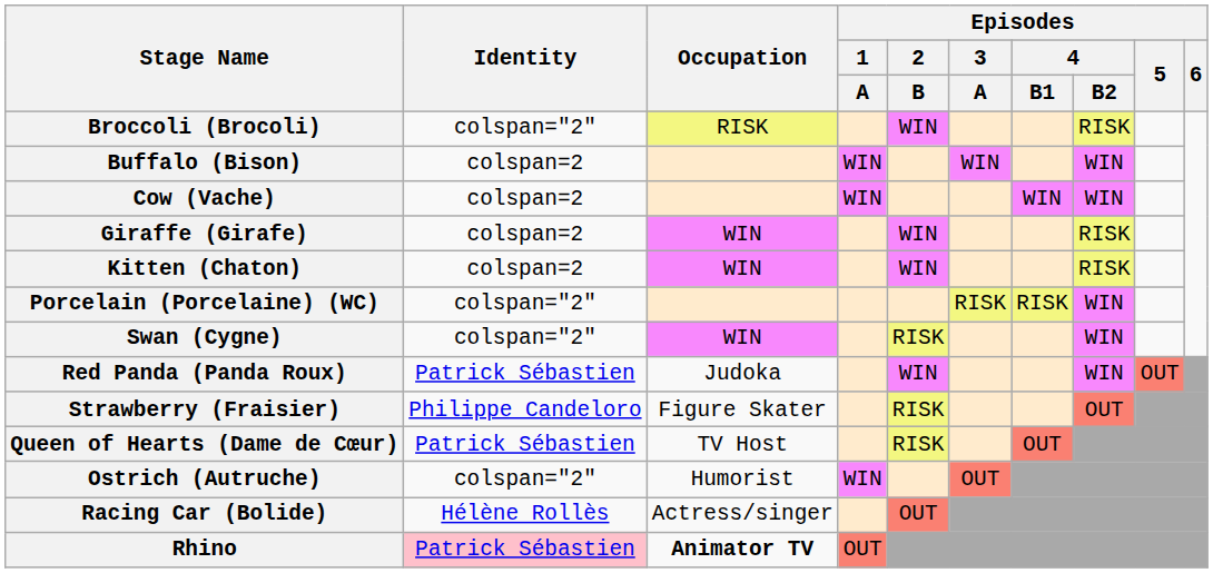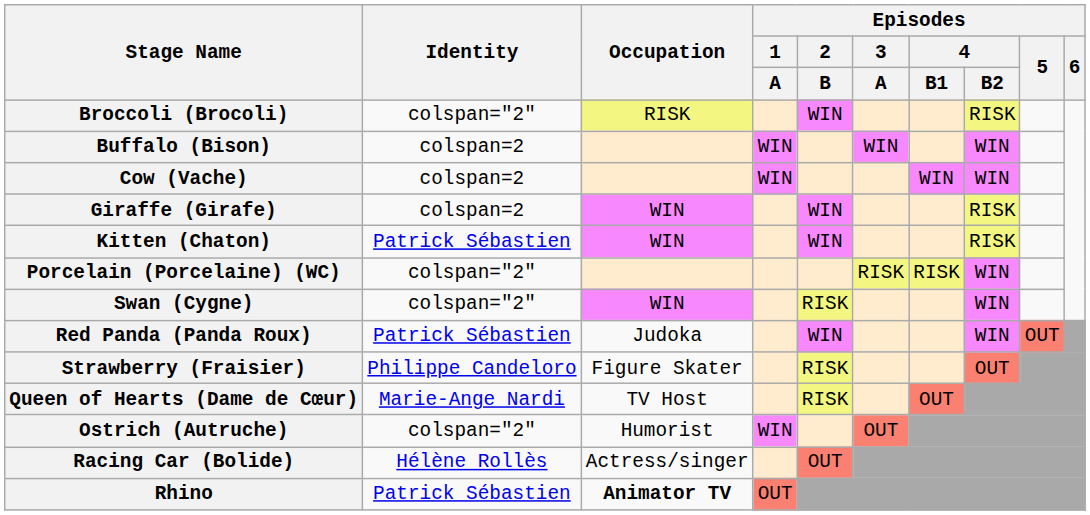 <table class="wikitable" style="text-align:center; ">
 <tr>
 <th rowspan="3">Stage Name</th>
 <th rowspan="3">Identity</th>
 <th rowspan="3">Occupation</th>
 <th colspan="7">Episodes</th>
 </tr>
 <tr>
 <th>1</th>
 <th>2</th>
 <th>3</th>
 <th colspan="2">4</th>
 <th rowspan="2">5</th>
 <th rowspan="2">6</th>
 </tr>
 <tr>
 <th>A</th>
 <th>B</th>
 <th>A</th>
 <th>B1</th>
 <th>B2</th>
 </tr>
 <tr>
 <th>Broccoli (Brocoli)</th>
 <td>colspan="2" </td>
 <td bgcolor="#F3F781">RISK</td>
 <td bgcolor=#FFEBCD></td>
 <td bgcolor="#F888FD">WIN</td>
 <td bgcolor=#FFEBCD></td>
 <td bgcolor=#FFEBCD></td>
 <td bgcolor="#F3F781">RISK</td>
 <td></td>
 </tr>
 <tr>
 <th>Buffalo (Bison)</th>
 <td>colspan=2 </td>
 <td bgcolor=#FFEBCD></td>
 <td bgcolor="#F888FD">WIN</td>
 <td bgcolor=#FFEBCD></td>
 <td bgcolor="#F888FD">WIN</td>
 <td bgcolor=#FFEBCD></td>
 <td bgcolor="#F888FD">WIN</td>
 <td></td>
 </tr>
 <tr>
 <th>Cow (Vache)</th>
 <td>colspan=2 </td>
 <td bgcolor=#FFEBCD></td>
 <td bgcolor="#F888FD">WIN</td>
 <td bgcolor=#FFEBCD></td>
 <td bgcolor=#FFEBCD></td>
 <td bgcolor="#F888FD">WIN</td>
 <td bgcolor="#F888FD">WIN</td>
 <td></td>
 </tr>
 <tr>
 <th>Giraffe (Girafe)</th>
 <td>colspan=2 </td>
 <td bgcolor="#F888FD">WIN</td>
 <td bgcolor=#FFEBCD></td>
 <td bgcolor="#F888FD">WIN</td>
 <td bgcolor=#FFEBCD></td>
 <td bgcolor=#FFEBCD></td>
 <td bgcolor="#F3F781">RISK</td>
 <td></td>
 </tr>
 <tr>
 <th>Kitten (Chaton)</th>
-<td>colspan=2 </td>
+<td><a href='#'>Patrick Sébastien</a></td>
 <td bgcolor="#F888FD">WIN</td>
 <td bgcolor=#FFEBCD></td>
 <td bgcolor="#F888FD">WIN</td>
 <td bgcolor=#FFEBCD></td>
 <td bgcolor=#FFEBCD></td>
 <td bgcolor="#F3F781">RISK</td>
 <td></td>
 </tr>
 <tr>
 <th>Porcelain (Porcelaine) (WC)</th>
 <td>colspan="2" </td>
 <td bgcolor=#FFEBCD></td>
 <td bgcolor=#FFEBCD></td>
 <td bgcolor=#FFEBCD></td>
 <td bgcolor="#F3F781">RISK</td>
 <td bgcolor="#F3F781">RISK</td>
 <td bgcolor="#F888FD">WIN</td>
 <td></td>
 </tr>
 <tr>
 <th>Swan (Cygne)</th>
 <td>colspan="2" </td>
 <td bgcolor="#F888FD">WIN</td>
 <td bgcolor=#FFEBCD></td>
 <td bgcolor="#F3F781">RISK</td>
 <td bgcolor=#FFEBCD></td>
 <td bgcolor=#FFEBCD></td>
 <td bgcolor="#F888FD">WIN</td>
 <td></td>
 </tr>
 <tr>
 <th>Red Panda (Panda Roux)</th>
 <td><a href='#'>Patrick Sébastien</a></td>
 <td>Judoka</td>
 <td bgcolor=#FFEBCD></td>
 <td bgcolor="#F888FD">WIN</td>
 <td bgcolor=#FFEBCD></td>
 <td bgcolor=#FFEBCD></td>
 <td bgcolor="#F888FD">WIN</td>
 <td bgcolor="salmon">OUT</td>
 <td colspan="5" bgcolor="darkgrey"></td>
 </tr>
 <tr>
 <th>Strawberry (Fraisier)</th>
 <td><a href='#'>Philippe Candeloro</a></td>
 <td>Figure Skater</td>
 <td bgcolor=#FFEBCD></td>
 <td bgcolor="#F3F781">RISK</td>
 <td bgcolor=#FFEBCD></td>
 <td bgcolor=#FFEBCD></td>
 <td bgcolor="salmon">OUT</td>
 <td colspan="6" bgcolor="darkgrey"></td>
 </tr>
 <tr>
 <th>Queen of Hearts (Dame de Cœur)</th>
-<td><a href='#'>Patrick Sébastien</a></td>
+<td><a href='#'>Marie-Ange Nardi</a></td>
 <td>TV Host</td>
 <td bgcolor=#FFEBCD></td>
 <td bgcolor="#F3F781">RISK</td>
 <td bgcolor=#FFEBCD></td>
 <td bgcolor="salmon">OUT</td>
 <td colspan="7" bgcolor="darkgrey"></td>
 </tr>
 <tr>
 <th>Ostrich (Autruche)</th>
 <td>colspan="2" </td>
 <td>Humorist</td>
 <td bgcolor="#F888FD">WIN</td>
 <td bgcolor=#FFEBCD></td>
 <td bgcolor="salmon">OUT</td>
 <td colspan="8" bgcolor="darkgrey"></td>
 </tr>
 <tr>
 <th>Racing Car (Bolide)</th>
 <td><a href='#'>Hélène Rollès</a></td>
 <td>Actress/singer</td>
 <td bgcolor=#FFEBCD></td>
 <td bgcolor="salmon">OUT</td>
 <td colspan="9" bgcolor="darkgrey"></td>
 </tr>
 <tr>
 <th>Rhino</th>
-<td style="background: pink;"><a href='#'>Patrick Sébastien</a></td>
+<td><a href='#'>Patrick Sébastien</a></td>
 <td><strong>Animator TV</strong></td>
 <td bgcolor="salmon">OUT</td>
 <td colspan="10" bgcolor="darkgrey"></td>
 </tr>
 </table>
